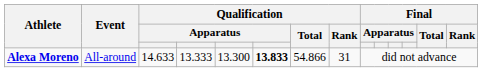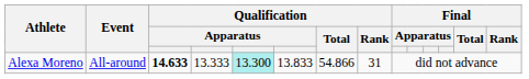 <table class="wikitable" style="font-size:90%">
 <tr>
 <th rowspan=3>Athlete</th>
 <th rowspan=3>Event</th>
 <th colspan=6>Qualification</th>
 <th colspan=6>Final</th>
 </tr>
 <tr style="font-size:95%">
 <th colspan=4>Apparatus</th>
 <th rowspan=2>Total</th>
 <th rowspan=2>Rank</th>
 <th colspan=4>Apparatus</th>
 <th rowspan=2>Total</th>
 <th rowspan=2>Rank</th>
 </tr>
 <tr style="font-size:95%">
 <th></th>
 <th></th>
 <th></th>
 <th></th>
 <th></th>
 <th></th>
 <th></th>
 <th></th>
 </tr>
 <tr align=center>
-<td align=left><strong><a href='#'>Alexa Moreno</a></strong></td>
+<td align=left><a href='#'>Alexa Moreno</a></td>
 <td align=left><a href='#'>All-around</a></td>
-<td>14.633</td>
+<td><strong>14.633</strong></td>
 <td>13.333</td>
-<td>13.300</td>
-<td><strong>13.833</strong></td>
+<td style="background: paleturquoise;">13.300</td>
+<td>13.833</td>
 <td>54.866</td>
 <td>31</td>
 <td colspan=6>did not advance</td>
 </tr>
 </table>
